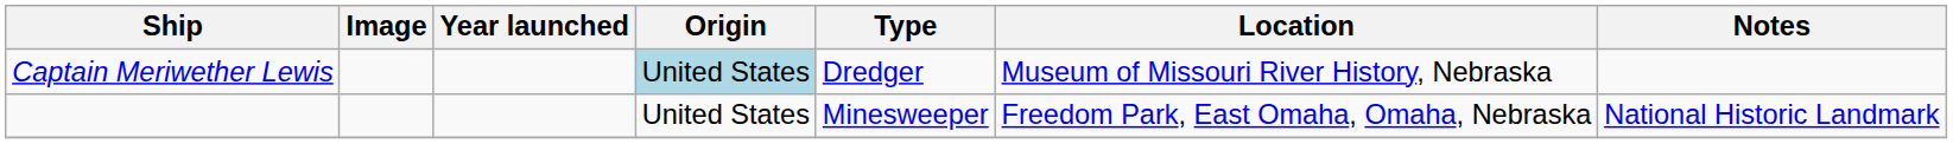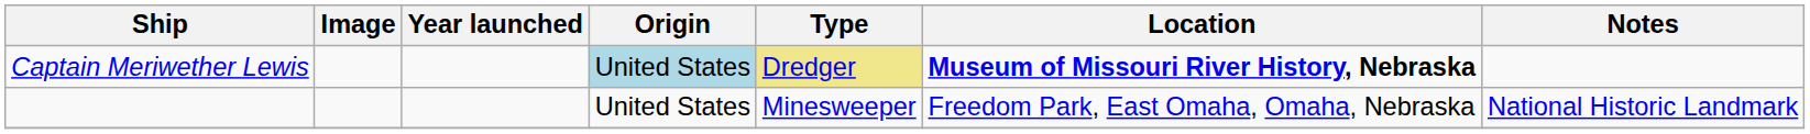 <table class="wikitable sortable">
 <tr>
 <th>Ship</th>
 <th>Image</th>
 <th>Year launched</th>
 <th>Origin</th>
 <th>Type</th>
 <th>Location</th>
 <th>Notes</th>
 </tr>
 <tr>
 <td data-sort-value=Captain Meriwether Lewis><em><a href='#'>Captain Meriwether Lewis</a></em></td>
 <td></td>
 <td></td>
 <td style="background: lightblue;"> United States</td>
-<td><a href='#'>Dredger</a></td>
-<td><a href='#'>Museum of Missouri River History</a>, Nebraska<br></td>
+<td style="background: khaki;"><a href='#'>Dredger</a></td>
+<td><strong><a href='#'>Museum of Missouri River History</a>, Nebraska<br></strong></td>
 <td></td>
 </tr>
 <tr>
 <td data-sort-value=Hazard></td>
 <td></td>
 <td></td>
 <td> United States</td>
 <td><a href='#'>Minesweeper</a></td>
 <td><a href='#'>Freedom Park</a>, <a href='#'>East Omaha</a>, <a href='#'>Omaha</a>, Nebraska<br></td>
 <td><a href='#'>National Historic Landmark</a></td>
 </tr>
 <tr>
 </tr>
 </table>
